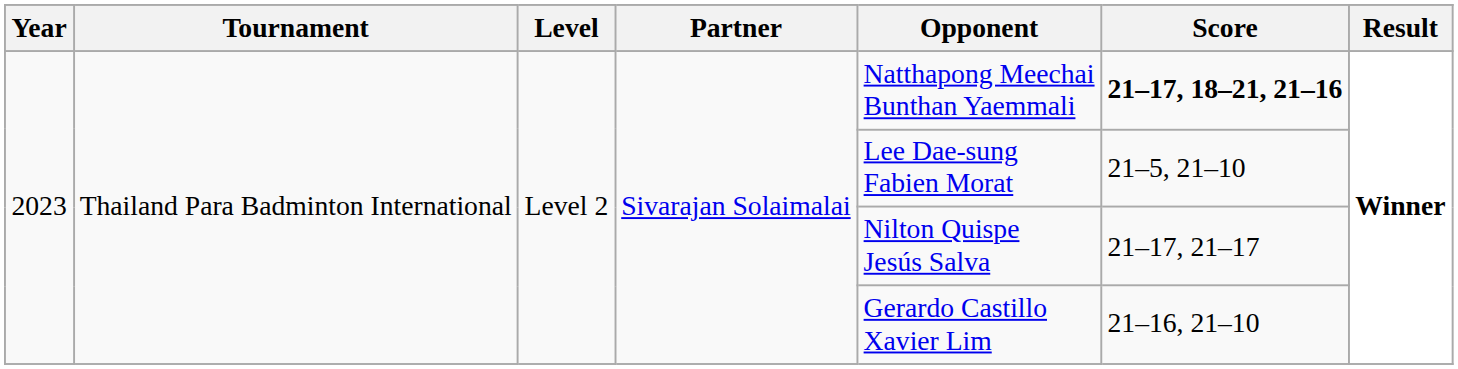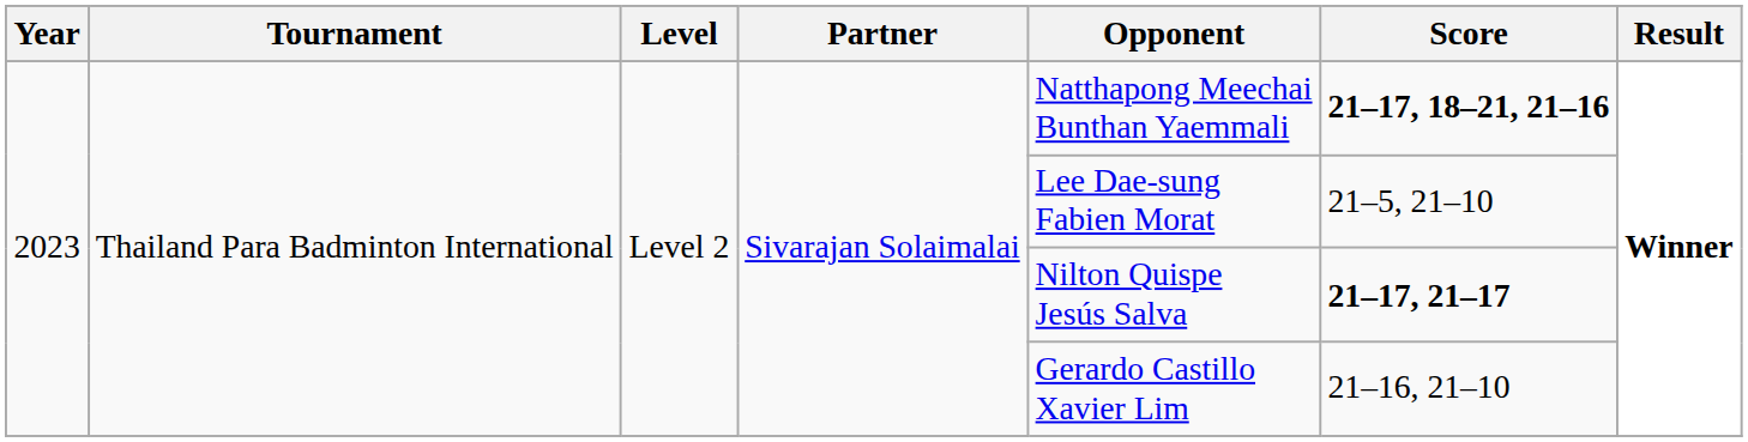 <table class="sortable wikitable" style="font-size: 90%;">
 <tr>
 <th>Year</th>
 <th>Tournament</th>
 <th>Level</th>
 <th>Partner</th>
 <th>Opponent</th>
 <th>Score</th>
 <th>Result</th>
 </tr>
 <tr>
 <td rowspan="4" align="center">2023</td>
 <td rowspan="4" align="left">Thailand Para Badminton International</td>
 <td rowspan="4" align="left">Level 2</td>
 <td rowspan="4"> <a href='#'>Sivarajan Solaimalai</a></td>
 <td align="left"> <a href='#'>Natthapong Meechai</a><br> <a href='#'>Bunthan Yaemmali</a></td>
 <td align="left"><strong>21–17, 18–21, 21–16</strong></td>
 <td rowspan="4" style="text-align:left; background:white"> <strong>Winner</strong></td>
 </tr>
 <tr>
 <td align="left"> <a href='#'>Lee Dae-sung</a><br> <a href='#'>Fabien Morat</a></td>
 <td align="left">21–5, 21–10</td>
 </tr>
 <tr>
 <td align="left"> <a href='#'>Nilton Quispe</a><br> <a href='#'>Jesús Salva</a></td>
-<td align="left">21–17, 21–17</td>
+<td align="left"><strong>21–17, 21–17</strong></td>
 </tr>
 <tr>
 <td align="left"> <a href='#'>Gerardo Castillo</a><br> <a href='#'>Xavier Lim</a></td>
 <td align="left">21–16, 21–10</td>
 </tr>
 </table>
